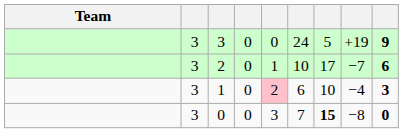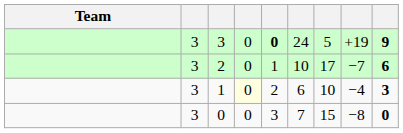 <table class="wikitable" style="text-align: center;">
 <tr>
 <th width="175">Team</th>
 <th width="20"></th>
 <th width="20"></th>
 <th width="20"></th>
 <th width="20"></th>
 <th width="20"></th>
 <th width="20"></th>
 <th width="20"></th>
 <th width="20"></th>
 </tr>
 <tr align=center bgcolor=#ccffcc>
 <td style="text-align:left;"></td>
 <td>3</td>
 <td>3</td>
 <td>0</td>
-<td>0</td>
+<td><strong>0</strong></td>
 <td>24</td>
 <td>5</td>
 <td>+19</td>
 <td><strong>9</strong></td>
 </tr>
 <tr align=center bgcolor=#ccffcc>
 <td style="text-align:left;"></td>
 <td>3</td>
 <td>2</td>
 <td>0</td>
 <td>1</td>
 <td>10</td>
 <td>17</td>
 <td>−7</td>
 <td><strong>6</strong></td>
 </tr>
 <tr>
 <td style="text-align:left;"></td>
 <td>3</td>
 <td>1</td>
-<td>0</td>
-<td style="background: pink;">2</td>
+<td style="background: lightyellow;">0</td>
+<td>2</td>
 <td>6</td>
 <td>10</td>
 <td>−4</td>
 <td><strong>3</strong></td>
 </tr>
 <tr>
 <td style="text-align:left;"></td>
 <td>3</td>
 <td>0</td>
 <td>0</td>
 <td>3</td>
 <td>7</td>
-<td><strong>15</strong></td>
+<td>15</td>
 <td>−8</td>
 <td><strong>0</strong></td>
 </tr>
 </table>
